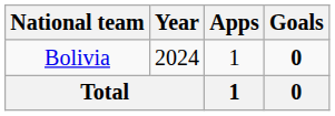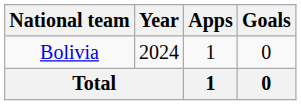 <table class=wikitable style=text-align:center>
 <tr>
 <th>National team</th>
 <th>Year</th>
 <th>Apps</th>
 <th>Goals</th>
 </tr>
 <tr>
 <td rowspan="1"><a href='#'>Bolivia</a></td>
 <td>2024</td>
 <td>1</td>
-<td><strong>0</strong></td>
+<td>0</td>
 </tr>
 <tr>
 <th colspan="2">Total</th>
 <th>1</th>
 <th>0</th>
 </tr>
 </table>
